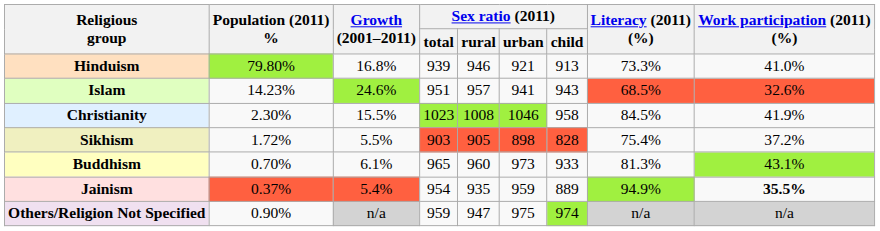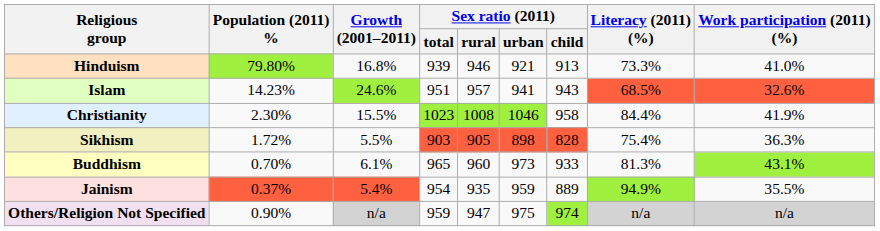 <table class="sortable wikitable" style="text-align: center;">
 <tr>
 <th rowspan=2>Religious<br>group</th>
 <th rowspan=2>Population (2011)<br>%</th>
 <th rowspan=2><a href='#'>Growth</a><br>(2001–2011)</th>
 <th colspan=4><a href='#'>Sex ratio</a> (2011)</th>
 <th rowspan=2><a href='#'>Literacy</a> (2011)<br>(%)</th>
 <th rowspan=2><a href='#'>Work participation</a> (2011)<br>(%)</th>
 </tr>
 <tr>
 <th>total</th>
 <th>rural</th>
 <th>urban</th>
 <th>child</th>
 </tr>
 <tr>
 <th style="background:#FFE0C0;">Hinduism</th>
 <td ! style="background:#A0F040;">79.80%</td>
 <td>16.8%</td>
 <td>939</td>
 <td>946</td>
 <td>921</td>
 <td>913</td>
 <td>73.3%</td>
 <td>41.0%</td>
 </tr>
 <tr>
 <th style="background:#E0FFC0;">Islam</th>
 <td>14.23%</td>
 <td ! style="background:#A0F040;">24.6%</td>
 <td>951</td>
 <td>957</td>
 <td>941</td>
 <td>943</td>
 <td ! style="background:#FF6040;">68.5%</td>
 <td ! style="background:#FF6040;">32.6%</td>
 </tr>
 <tr>
 <th style="background:#E0F0FF;">Christianity</th>
 <td>2.30%</td>
 <td>15.5%</td>
 <td ! style="background:#A0F040;">1023</td>
 <td ! style="background:#A0F040;">1008</td>
 <td ! style="background:#A0F040;">1046</td>
 <td>958</td>
-<td>84.5%</td>
+<td>84.4%</td>
 <td>41.9%</td>
 </tr>
 <tr>
 <th style="background:#F0F0C0;">Sikhism</th>
 <td>1.72%</td>
 <td>5.5%</td>
 <td ! style="background:#FF6040;">903</td>
 <td ! style="background:#FF6040;">905</td>
 <td ! style="background:#FF6040;">898</td>
 <td ! style="background:#FF6040;">828</td>
 <td>75.4%</td>
-<td>37.2%</td>
+<td>36.3%</td>
 </tr>
 <tr>
 <th style="background:#FFFFC0;">Buddhism</th>
 <td>0.70%</td>
 <td>6.1%</td>
 <td>965</td>
 <td>960</td>
 <td>973</td>
 <td>933</td>
 <td>81.3%</td>
 <td ! style="background:#A0F040;">43.1%</td>
 </tr>
 <tr>
 <th style="background:#FFE0E0;">Jainism</th>
 <td ! style="background:#FF6040;">0.37%</td>
 <td ! style="background:#FF6040;">5.4%</td>
 <td>954</td>
 <td>935</td>
 <td>959</td>
 <td>889</td>
 <td ! style="background:#A0F040;">94.9%</td>
-<td><strong>35.5%</strong></td>
+<td>35.5%</td>
 </tr>
 <tr>
 <th style="background:#F0E0F0;">Others/Religion Not Specified</th>
 <td>0.90%</td>
 <td ! style="background:LightGray;">n/a</td>
 <td>959</td>
 <td>947</td>
 <td>975</td>
 <td ! style="background:#A0F040;">974</td>
 <td ! style="background:LightGray;">n/a</td>
 <td ! style="background:LightGray;">n/a</td>
 </tr>
 </table>
